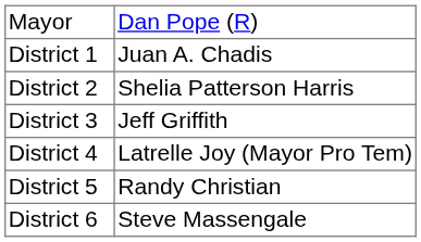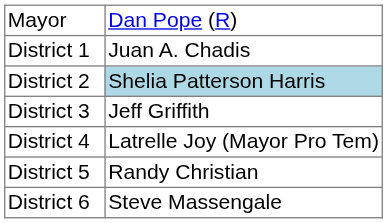 <table class="toccolours" border="1" cellpadding="2" cellspacing="0" style="border-collapse: collapse; float:right; margin: .5em;">
 <tr>
 <td>Mayor</td>
 <td><a href='#'>Dan Pope</a> (<a href='#'>R</a>)</td>
 </tr>
 <tr>
 <td>District 1 </td>
 <td>Juan A. Chadis</td>
 </tr>
 <tr>
 <td>District 2 </td>
-<td>Shelia Patterson Harris</td>
+<td style="background: lightblue;">Shelia Patterson Harris</td>
 </tr>
 <tr>
 <td>District 3 </td>
 <td>Jeff Griffith</td>
 </tr>
 <tr>
 <td>District 4 </td>
 <td>Latrelle Joy (Mayor Pro Tem)</td>
 </tr>
 <tr>
 <td>District 5 </td>
 <td>Randy Christian</td>
 </tr>
 <tr>
 <td>District 6  </td>
 <td>Steve Massengale</td>
 </tr>
 </table>
